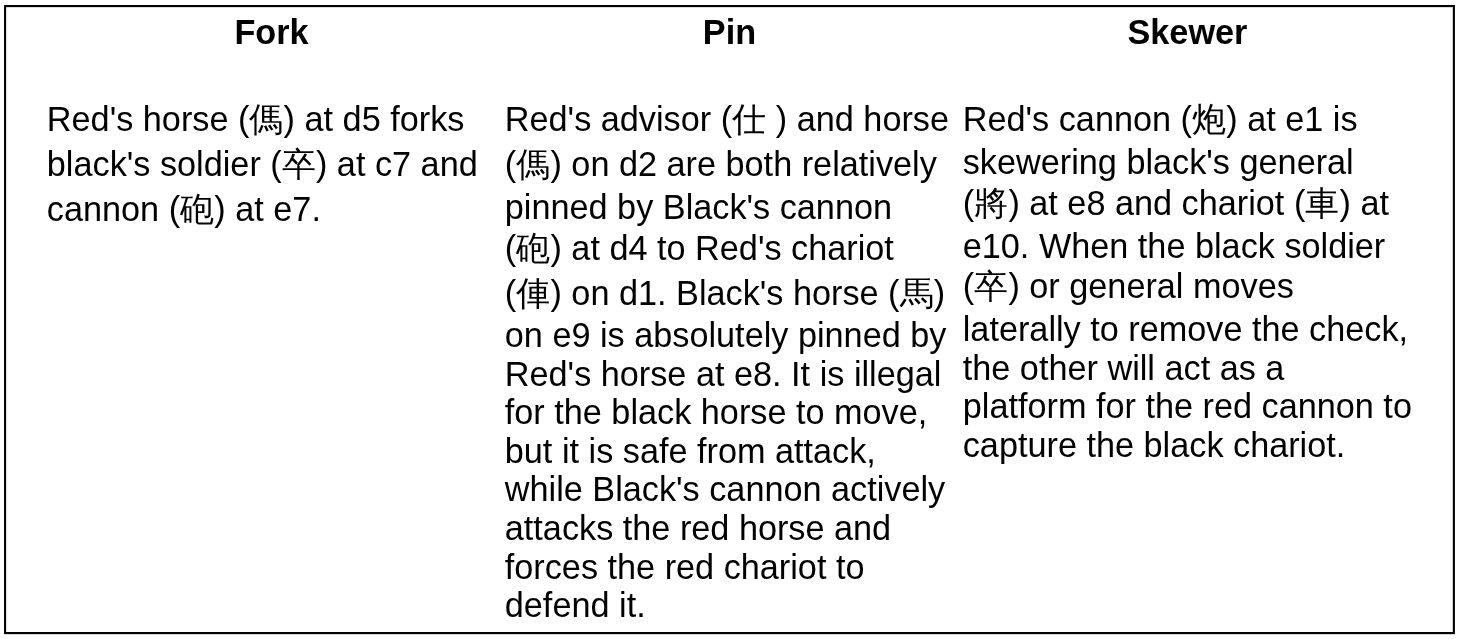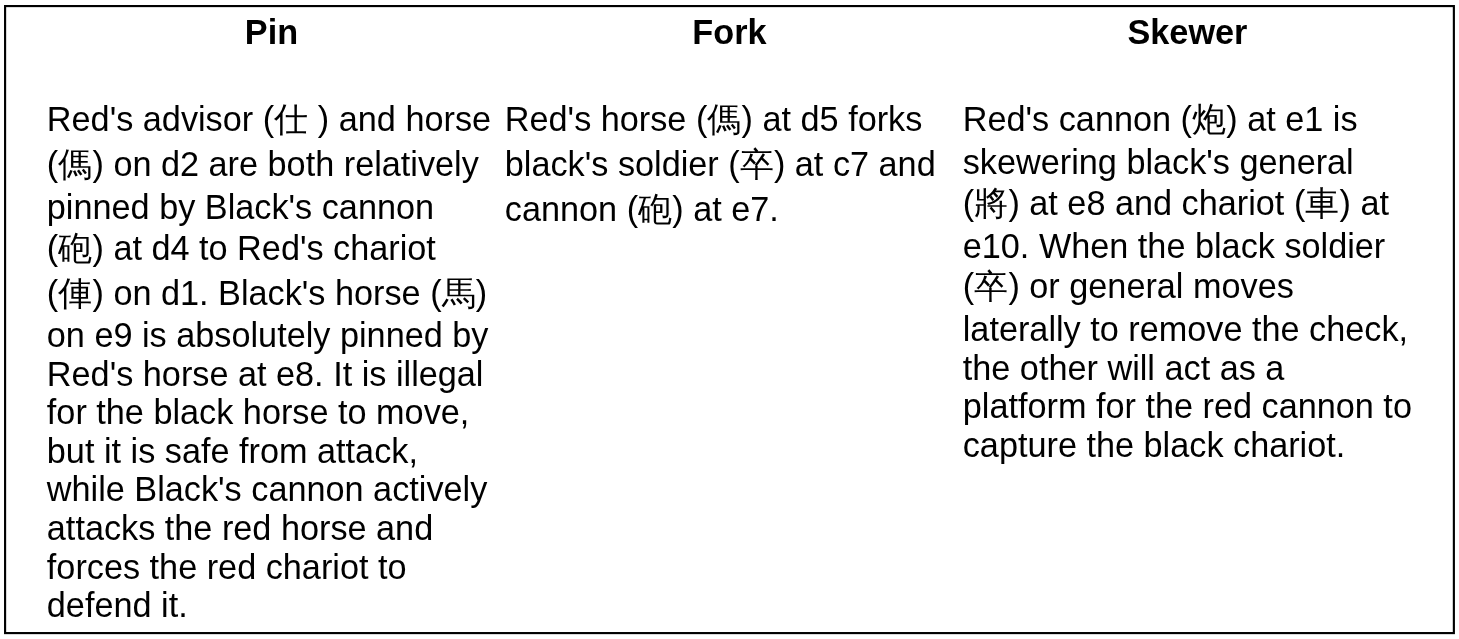 <table style="margin-left:auto; margin-right:auto; padding:0 16px; border:1px solid #000;">
 <tr>
+<th style="width:210px; text-align:center;">Pin</th>
 <th style="width:210px; text-align:center;">Fork</th>
-<th style="width:210px; text-align:center;">Pin</th>
 <th style="width:210px; text-align:center;">Skewer</th>
 </tr>
 <tr>
+<td style="vertical-align:top;"><br> Red's advisor (仕 ) and horse (傌) on d2 are both relatively pinned by Black's cannon (砲) at d4 to Red's chariot (俥) on d1. Black's horse (馬) on e9 is absolutely pinned by Red's horse at e8. It is illegal for the black horse to move, but it is safe from attack, while Black's cannon actively attacks the red horse and forces the red chariot to defend it.</td>
 <td style="vertical-align:top;"><br> Red's horse (傌) at d5 forks black's soldier (卒) at c7 and cannon (砲) at e7.</td>
-<td style="vertical-align:top;"><br> Red's advisor (仕 ) and horse (傌) on d2 are both relatively pinned by Black's cannon (砲) at d4 to Red's chariot (俥) on d1. Black's horse (馬) on e9 is absolutely pinned by Red's horse at e8. It is illegal for the black horse to move, but it is safe from attack, while Black's cannon actively attacks the red horse and forces the red chariot to defend it.</td>
 <td style="vertical-align:top;"><br> Red's cannon (炮) at e1 is skewering black's general (將) at e8 and chariot (車) at e10. When the black soldier (卒) or general moves laterally to remove the check, the other will act as a platform for the red cannon to capture the black chariot.</td>
 </tr>
 </table>
